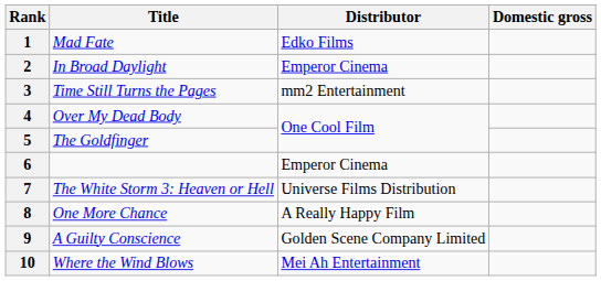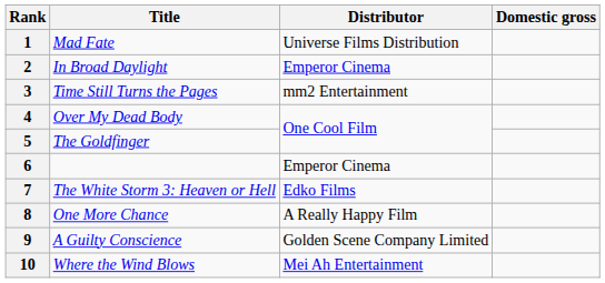 <table class="wikitable sortable" style="margin:auto; margin:auto;">
 <tr>
 <th>Rank</th>
 <th>Title</th>
 <th>Distributor</th>
 <th>Domestic gross</th>
 </tr>
 <tr>
 <th style="text-align:center;">1</th>
 <td><em><a href='#'>Mad Fate</a></em></td>
-<td><a href='#'>Edko Films</a></td>
+<td>Universe Films Distribution</td>
 <td></td>
 </tr>
 <tr>
 <th style="text-align:center;">2</th>
 <td><em><a href='#'>In Broad Daylight</a></em></td>
 <td><a href='#'>Emperor Cinema</a></td>
 <td></td>
 </tr>
 <tr>
 <th style="text-align:center;">3</th>
 <td><em><a href='#'>Time Still Turns the Pages</a></em></td>
 <td>mm2 Entertainment</td>
 <td></td>
 </tr>
 <tr>
 <th style="text-align:center;">4</th>
 <td><em><a href='#'>Over My Dead Body</a></em></td>
 <td rowspan="2"><a href='#'>One Cool Film</a></td>
 <td></td>
 </tr>
 <tr>
 <th style="text-align:center;">5</th>
 <td><em><a href='#'>The Goldfinger</a></em></td>
 <td></td>
 </tr>
 <tr>
 <th style="text-align:center;">6</th>
 <td><em></em></td>
 <td>Emperor Cinema</td>
 <td></td>
 </tr>
 <tr>
 <th style="text-align:center;">7</th>
 <td><em><a href='#'>The White Storm 3: Heaven or Hell</a></em></td>
-<td>Universe Films Distribution</td>
+<td><a href='#'>Edko Films</a></td>
 <td></td>
 </tr>
 <tr>
 <th style="text-align:center;">8</th>
 <td><em><a href='#'>One More Chance</a></em></td>
 <td>A Really Happy Film</td>
 <td></td>
 </tr>
 <tr>
 <th style="text-align:center;">9</th>
 <td><em><a href='#'>A Guilty Conscience</a></em></td>
 <td>Golden Scene Company Limited</td>
 <td></td>
 </tr>
 <tr>
 <th style="text-align:center;">10</th>
 <td><em><a href='#'>Where the Wind Blows</a></em></td>
 <td><a href='#'>Mei Ah Entertainment</a></td>
 <td></td>
 </tr>
 </table>
